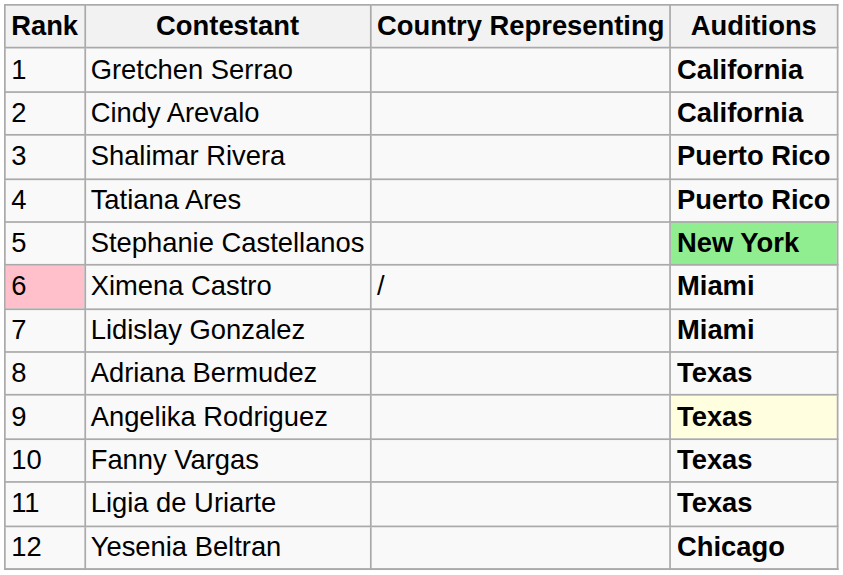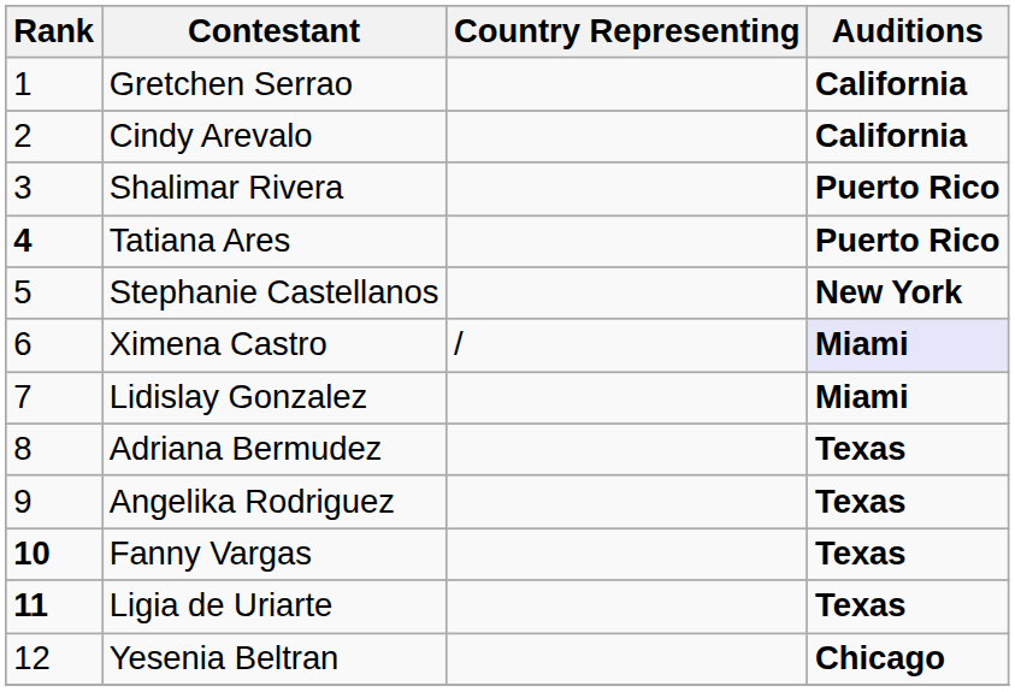 <table class="wikitable">
 <tr>
 <th>Rank</th>
 <th>Contestant</th>
 <th>Country Representing</th>
 <th>Auditions</th>
 </tr>
 <tr>
 <td>1</td>
 <td>Gretchen Serrao</td>
 <td><strong></strong></td>
 <td><strong>California</strong></td>
 </tr>
 <tr>
 <td>2</td>
 <td>Cindy Arevalo</td>
 <td><strong></strong></td>
 <td><strong>California</strong></td>
 </tr>
 <tr>
 <td>3</td>
 <td>Shalimar Rivera</td>
 <td><strong></strong></td>
 <td><strong>Puerto Rico</strong></td>
 </tr>
 <tr>
-<td>4</td>
+<td><strong>4</strong></td>
 <td>Tatiana Ares</td>
 <td><strong></strong></td>
 <td><strong>Puerto Rico</strong></td>
 </tr>
 <tr>
 <td>5</td>
 <td>Stephanie Castellanos</td>
 <td><strong></strong></td>
-<td style="background: lightgreen;"><strong>New York</strong></td>
+<td><strong>New York</strong></td>
 </tr>
 <tr>
-<td style="background: pink;">6</td>
+<td>6</td>
 <td>Ximena Castro</td>
 <td><strong></strong>/<strong></strong></td>
-<td><strong>Miami</strong></td>
+<td style="background: lavender;"><strong>Miami</strong></td>
 </tr>
 <tr>
 <td>7</td>
 <td>Lidislay Gonzalez</td>
 <td><strong></strong></td>
 <td><strong>Miami</strong></td>
 </tr>
 <tr>
 <td>8</td>
 <td>Adriana Bermudez</td>
 <td><strong></strong></td>
 <td><strong>Texas</strong></td>
 </tr>
 <tr>
 <td>9</td>
 <td>Angelika Rodriguez</td>
 <td><strong></strong></td>
-<td style="background: lightyellow;"><strong>Texas</strong></td>
+<td><strong>Texas</strong></td>
 </tr>
 <tr>
-<td>10</td>
+<td><strong>10</strong></td>
 <td>Fanny Vargas</td>
 <td><strong></strong></td>
 <td><strong>Texas</strong></td>
 </tr>
 <tr>
-<td>11</td>
+<td><strong>11</strong></td>
 <td>Ligia de Uriarte</td>
 <td><strong></strong></td>
 <td><strong>Texas</strong></td>
 </tr>
 <tr>
 <td>12</td>
 <td>Yesenia Beltran</td>
 <td><strong></strong></td>
 <td><strong>Chicago</strong></td>
 </tr>
 <tr>
 </tr>
 </table>
